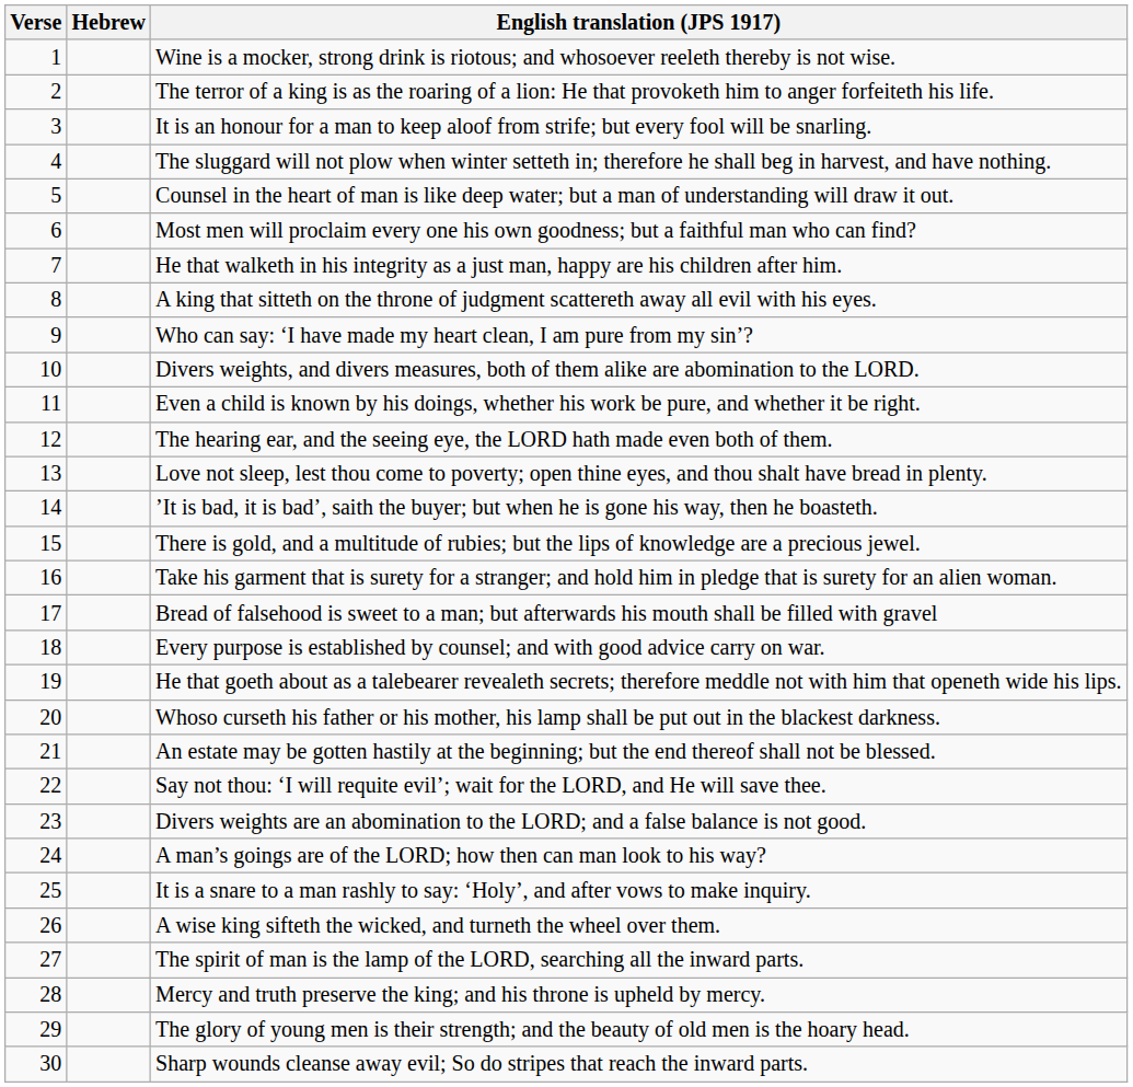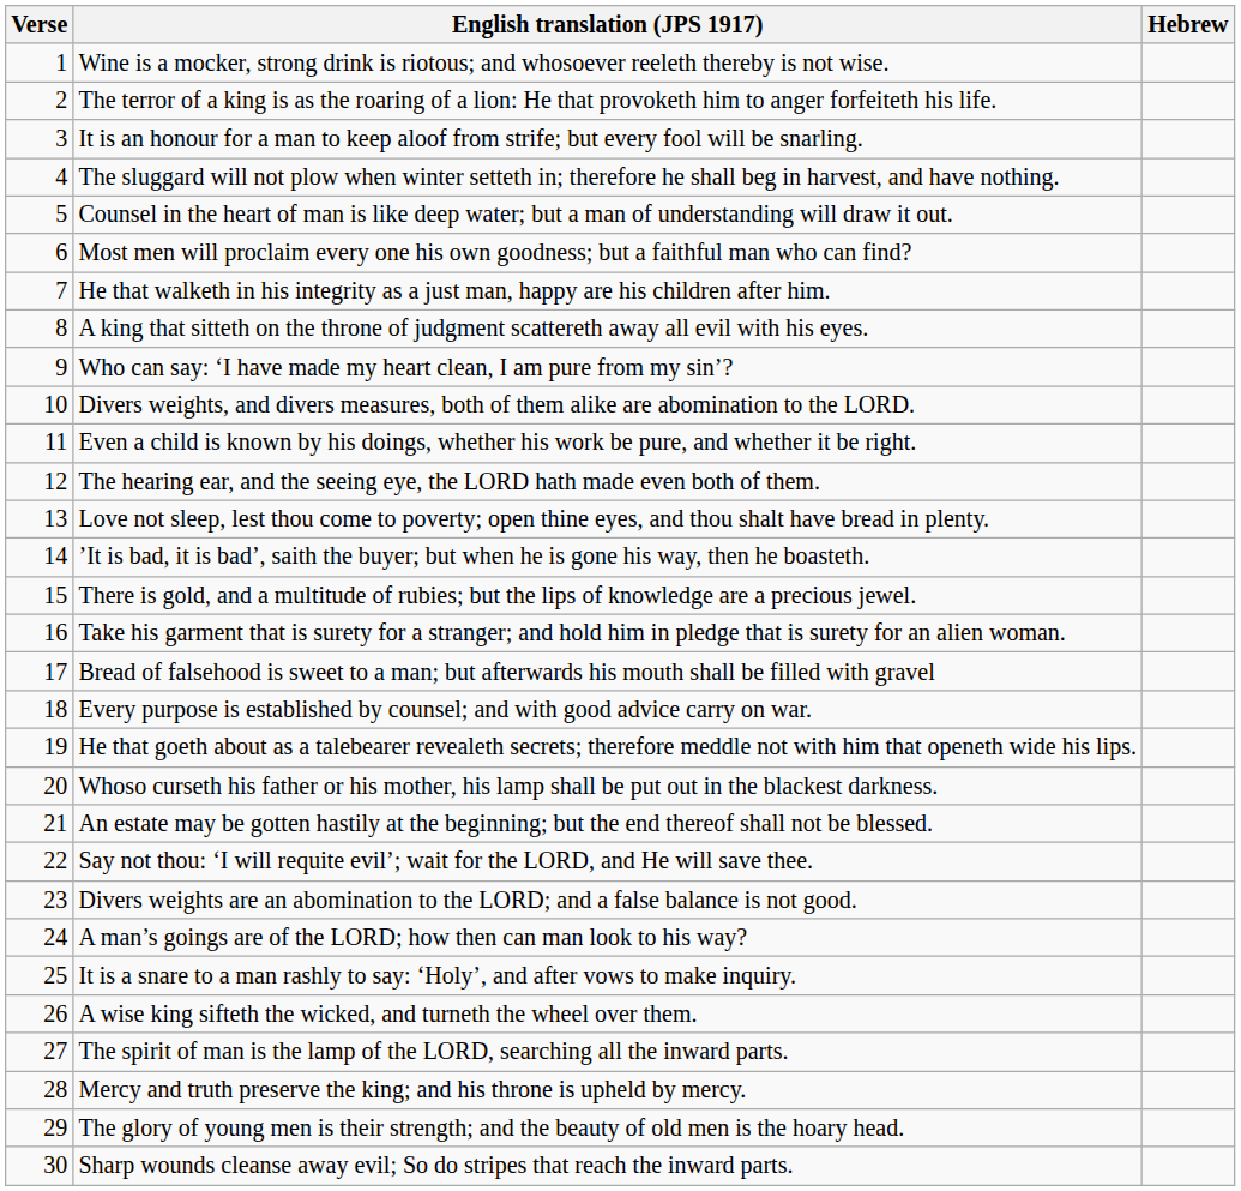 <table class="wikitable">
 <tr>
 <th>Verse</th>
+<th>English translation (JPS 1917)</th>
 <th>Hebrew</th>
-<th>English translation (JPS 1917)</th>
 </tr>
 <tr>
 <td style="text-align:right">1</td>
+<td>Wine is a mocker, strong drink is riotous; and whosoever reeleth thereby is not wise.</td>
 <td style="text-align:right"></td>
-<td>Wine is a mocker, strong drink is riotous; and whosoever reeleth thereby is not wise.</td>
 </tr>
 <tr>
 <td style="text-align:right">2</td>
+<td>The terror of a king is as the roaring of a lion: He that provoketh him to anger forfeiteth his life.</td>
 <td style="text-align:right"></td>
-<td>The terror of a king is as the roaring of a lion: He that provoketh him to anger forfeiteth his life.</td>
 </tr>
 <tr>
 <td style="text-align:right">3</td>
+<td>It is an honour for a man to keep aloof from strife; but every fool will be snarling.</td>
 <td style="text-align:right"></td>
-<td>It is an honour for a man to keep aloof from strife; but every fool will be snarling.</td>
 </tr>
 <tr>
 <td style="text-align:right">4</td>
+<td>The sluggard will not plow when winter setteth in; therefore he shall beg in harvest, and have nothing.</td>
 <td style="text-align:right"></td>
-<td>The sluggard will not plow when winter setteth in; therefore he shall beg in harvest, and have nothing.</td>
 </tr>
 <tr>
 <td style="text-align:right">5</td>
+<td>Counsel in the heart of man is like deep water; but a man of understanding will draw it out.</td>
 <td style="text-align:right"></td>
-<td>Counsel in the heart of man is like deep water; but a man of understanding will draw it out.</td>
 </tr>
 <tr>
 <td style="text-align:right">6</td>
+<td>Most men will proclaim every one his own goodness; but a faithful man who can find?</td>
 <td style="text-align:right"></td>
-<td>Most men will proclaim every one his own goodness; but a faithful man who can find?</td>
 </tr>
 <tr>
 <td style="text-align:right">7</td>
+<td>He that walketh in his integrity as a just man, happy are his children after him.</td>
 <td style="text-align:right"></td>
-<td>He that walketh in his integrity as a just man, happy are his children after him.</td>
 </tr>
 <tr>
 <td style="text-align:right">8</td>
+<td>A king that sitteth on the throne of judgment scattereth away all evil with his eyes.</td>
 <td style="text-align:right"></td>
-<td>A king that sitteth on the throne of judgment scattereth away all evil with his eyes.</td>
 </tr>
 <tr>
 <td style="text-align:right">9</td>
+<td>Who can say: ‘I have made my heart clean, I am pure from my sin’?</td>
 <td style="text-align:right"></td>
-<td>Who can say: ‘I have made my heart clean, I am pure from my sin’?</td>
 </tr>
 <tr>
 <td style="text-align:right">10</td>
+<td>Divers weights, and divers measures, both of them alike are abomination to the LORD.</td>
 <td style="text-align:right"></td>
-<td>Divers weights, and divers measures, both of them alike are abomination to the LORD.</td>
 </tr>
 <tr>
 <td style="text-align:right">11</td>
+<td>Even a child is known by his doings, whether his work be pure, and whether it be right.</td>
 <td style="text-align:right"></td>
-<td>Even a child is known by his doings, whether his work be pure, and whether it be right.</td>
 </tr>
 <tr>
 <td style="text-align:right">12</td>
+<td>The hearing ear, and the seeing eye, the LORD hath made even both of them.</td>
 <td style="text-align:right"></td>
-<td>The hearing ear, and the seeing eye, the LORD hath made even both of them.</td>
 </tr>
 <tr>
 <td style="text-align:right">13</td>
+<td>Love not sleep, lest thou come to poverty; open thine eyes, and thou shalt have bread in plenty.</td>
 <td style="text-align:right"></td>
-<td>Love not sleep, lest thou come to poverty; open thine eyes, and thou shalt have bread in plenty.</td>
 </tr>
 <tr>
 <td style="text-align:right">14</td>
+<td>’It is bad, it is bad’, saith the buyer; but when he is gone his way, then he boasteth.</td>
 <td style="text-align:right"></td>
-<td>’It is bad, it is bad’, saith the buyer; but when he is gone his way, then he boasteth.</td>
 </tr>
 <tr>
 <td style="text-align:right">15</td>
+<td>There is gold, and a multitude of rubies; but the lips of knowledge are a precious jewel.</td>
 <td style="text-align:right"></td>
-<td>There is gold, and a multitude of rubies; but the lips of knowledge are a precious jewel.</td>
 </tr>
 <tr>
 <td style="text-align:right">16</td>
+<td>Take his garment that is surety for a stranger; and hold him in pledge that is surety for an alien woman.</td>
 <td style="text-align:right"></td>
-<td>Take his garment that is surety for a stranger; and hold him in pledge that is surety for an alien woman.</td>
 </tr>
 <tr>
 <td style="text-align:right">17</td>
+<td>Bread of falsehood is sweet to a man; but afterwards his mouth shall be filled with gravel</td>
 <td style="text-align:right"></td>
-<td>Bread of falsehood is sweet to a man; but afterwards his mouth shall be filled with gravel</td>
 </tr>
 <tr>
 <td style="text-align:right">18</td>
+<td>Every purpose is established by counsel; and with good advice carry on war.</td>
 <td style="text-align:right"></td>
-<td>Every purpose is established by counsel; and with good advice carry on war.</td>
 </tr>
 <tr>
 <td style="text-align:right">19</td>
+<td>He that goeth about as a talebearer revealeth secrets; therefore meddle not with him that openeth wide his lips.</td>
 <td style="text-align:right"></td>
-<td>He that goeth about as a talebearer revealeth secrets; therefore meddle not with him that openeth wide his lips.</td>
 </tr>
 <tr>
 <td style="text-align:right">20</td>
+<td>Whoso curseth his father or his mother, his lamp shall be put out in the blackest darkness.</td>
 <td style="text-align:right"></td>
-<td>Whoso curseth his father or his mother, his lamp shall be put out in the blackest darkness.</td>
 </tr>
 <tr>
 <td style="text-align:right">21</td>
+<td>An estate may be gotten hastily at the beginning; but the end thereof shall not be blessed.</td>
 <td style="text-align:right"></td>
-<td>An estate may be gotten hastily at the beginning; but the end thereof shall not be blessed.</td>
 </tr>
 <tr>
 <td style="text-align:right">22</td>
+<td>Say not thou: ‘I will requite evil’; wait for the LORD, and He will save thee.</td>
 <td style="text-align:right"></td>
-<td>Say not thou: ‘I will requite evil’; wait for the LORD, and He will save thee.</td>
 </tr>
 <tr>
 <td style="text-align:right">23</td>
+<td>Divers weights are an abomination to the LORD; and a false balance is not good.</td>
 <td style="text-align:right"></td>
-<td>Divers weights are an abomination to the LORD; and a false balance is not good.</td>
 </tr>
 <tr>
 <td style="text-align:right">24</td>
+<td>A man’s goings are of the LORD; how then can man look to his way?</td>
 <td style="text-align:right"></td>
-<td>A man’s goings are of the LORD; how then can man look to his way?</td>
 </tr>
 <tr>
 <td style="text-align:right">25</td>
+<td>It is a snare to a man rashly to say: ‘Holy’, and after vows to make inquiry.</td>
 <td style="text-align:right"></td>
-<td>It is a snare to a man rashly to say: ‘Holy’, and after vows to make inquiry.</td>
 </tr>
 <tr>
 <td style="text-align:right">26</td>
+<td>A wise king sifteth the wicked, and turneth the wheel over them.</td>
 <td style="text-align:right"></td>
-<td>A wise king sifteth the wicked, and turneth the wheel over them.</td>
 </tr>
 <tr>
 <td style="text-align:right">27</td>
+<td>The spirit of man is the lamp of the LORD, searching all the inward parts.</td>
 <td style="text-align:right"></td>
-<td>The spirit of man is the lamp of the LORD, searching all the inward parts.</td>
 </tr>
 <tr>
 <td style="text-align:right">28</td>
+<td>Mercy and truth preserve the king; and his throne is upheld by mercy.</td>
 <td style="text-align:right"></td>
-<td>Mercy and truth preserve the king; and his throne is upheld by mercy.</td>
 </tr>
 <tr>
 <td style="text-align:right">29</td>
+<td>The glory of young men is their strength; and the beauty of old men is the hoary head.</td>
 <td style="text-align:right"></td>
-<td>The glory of young men is their strength; and the beauty of old men is the hoary head.</td>
 </tr>
 <tr>
 <td style="text-align:right">30</td>
+<td>Sharp wounds cleanse away evil; So do stripes that reach the inward parts.</td>
 <td style="text-align:right"></td>
-<td>Sharp wounds cleanse away evil; So do stripes that reach the inward parts.</td>
 </tr>
 </table>
